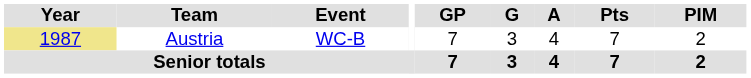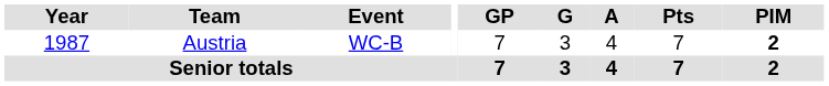 <table border="0" cellpadding="1" cellspacing="0" ID="Table3" style="text-align:center; width:40em">
 <tr bgcolor="#e0e0e0">
 <th>Year</th>
 <th>Team</th>
 <th>Event</th>
 <th rowspan="102" bgcolor="#ffffff"></th>
 <th>GP</th>
 <th>G</th>
 <th>A</th>
 <th>Pts</th>
 <th>PIM</th>
 </tr>
 <tr>
-<td style="background: khaki;"><a href='#'>1987</a></td>
+<td><a href='#'>1987</a></td>
 <td><a href='#'>Austria</a></td>
 <td><a href='#'>WC-B</a></td>
 <td>7</td>
 <td>3</td>
 <td>4</td>
 <td>7</td>
-<td>2</td>
+<td><strong>2</strong></td>
 </tr>
 <tr bgcolor="#e0e0e0">
 <th colspan="4">Senior totals</th>
 <th>7</th>
 <th>3</th>
 <th>4</th>
 <th>7</th>
 <th>2</th>
 </tr>
 </table>
